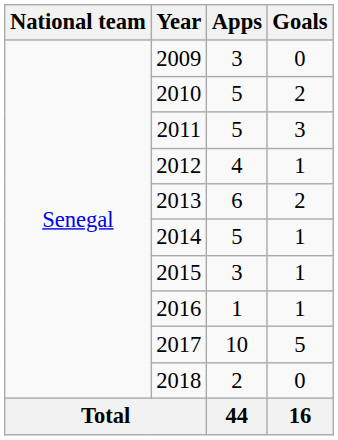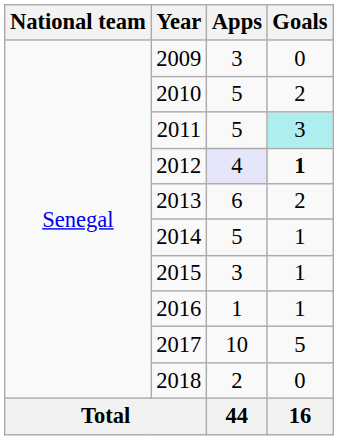 <table class="wikitable" style="text-align:center">
 <tr>
 <th>National team</th>
 <th>Year</th>
 <th>Apps</th>
 <th>Goals</th>
 </tr>
 <tr>
 <td rowspan="10"><a href='#'>Senegal</a></td>
 <td>2009</td>
 <td>3</td>
 <td>0</td>
 </tr>
 <tr>
 <td>2010</td>
 <td>5</td>
 <td>2</td>
 </tr>
 <tr>
 <td>2011</td>
 <td>5</td>
-<td>3</td>
+<td style="background: paleturquoise;">3</td>
 </tr>
 <tr>
 <td>2012</td>
-<td>4</td>
-<td>1</td>
+<td style="background: lavender;">4</td>
+<td><strong>1</strong></td>
 </tr>
 <tr>
 <td>2013</td>
 <td>6</td>
 <td>2</td>
 </tr>
 <tr>
 <td>2014</td>
 <td>5</td>
 <td>1</td>
 </tr>
 <tr>
 <td>2015</td>
 <td>3</td>
 <td>1</td>
 </tr>
 <tr>
 <td>2016</td>
 <td>1</td>
 <td>1</td>
 </tr>
 <tr>
 <td>2017</td>
 <td>10</td>
 <td>5</td>
 </tr>
 <tr>
 <td>2018</td>
 <td>2</td>
 <td>0</td>
 </tr>
 <tr>
 <th colspan="2">Total</th>
 <th>44</th>
 <th>16</th>
 </tr>
 </table>
